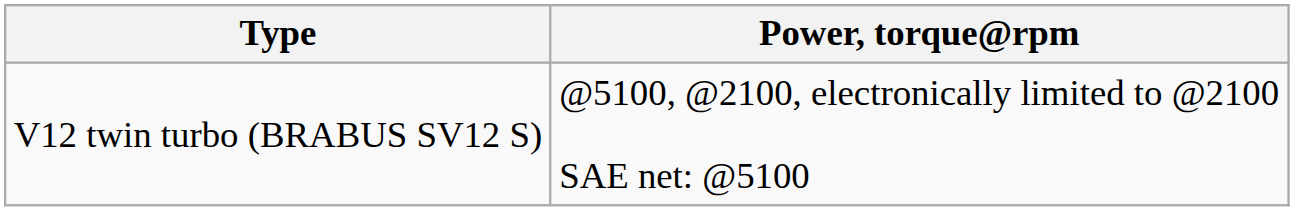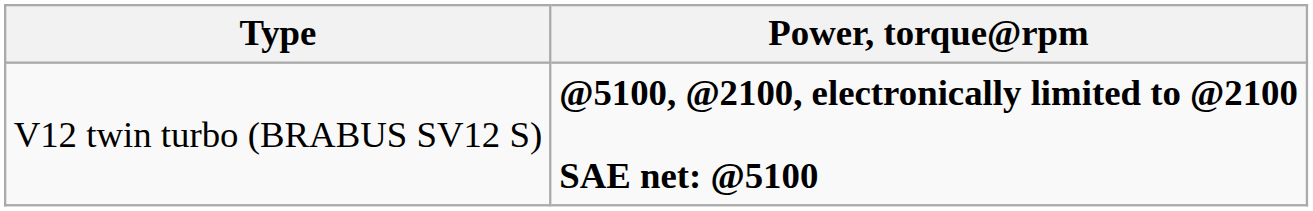 <table class="wikitable">
 <tr>
 <th>Type</th>
 <th>Power, torque@rpm</th>
 </tr>
 <tr>
 <td> V12 twin turbo (BRABUS SV12 S)</td>
-<td>@5100, @2100, electronically limited to @2100<br><br>SAE net: @5100</td>
+<td><strong>@5100, @2100, electronically limited to @2100<br><br>SAE net: @5100</strong></td>
 </tr>
 </table>
